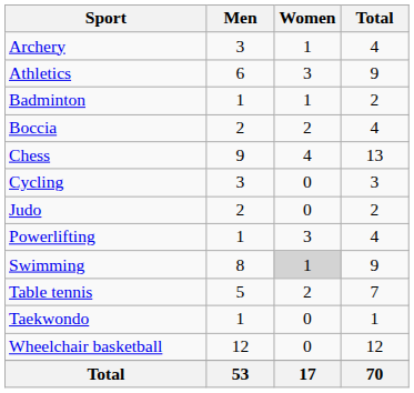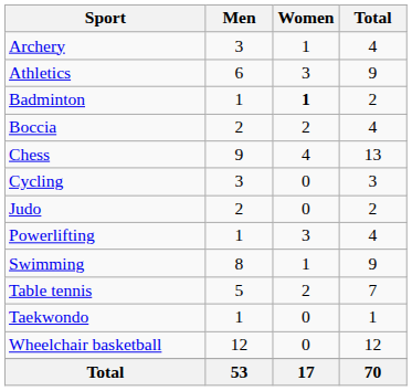 <table class="wikitable sortable" style="text-align:center;">
 <tr>
 <th width=180>Sport</th>
 <th width=55>Men</th>
 <th width=55>Women</th>
 <th width=55>Total</th>
 </tr>
 <tr>
 <td align=left><a href='#'>Archery</a></td>
 <td>3</td>
 <td>1</td>
 <td>4</td>
 </tr>
 <tr>
 <td align=left><a href='#'>Athletics</a></td>
 <td>6</td>
 <td>3</td>
 <td>9</td>
 </tr>
 <tr>
 <td align=left><a href='#'>Badminton</a></td>
 <td>1</td>
-<td>1</td>
+<td><strong>1</strong></td>
 <td>2</td>
 </tr>
 <tr>
 <td align=left><a href='#'>Boccia</a></td>
 <td>2</td>
 <td>2</td>
 <td>4</td>
 </tr>
 <tr>
 <td align=left><a href='#'>Chess</a></td>
 <td>9</td>
 <td>4</td>
 <td>13</td>
 </tr>
 <tr>
 <td align=left><a href='#'>Cycling</a></td>
 <td>3</td>
 <td>0</td>
 <td>3</td>
 </tr>
 <tr>
 <td align=left><a href='#'>Judo</a></td>
 <td>2</td>
 <td>0</td>
 <td>2</td>
 </tr>
 <tr>
 <td align=left><a href='#'>Powerlifting</a></td>
 <td>1</td>
 <td>3</td>
 <td>4</td>
 </tr>
 <tr>
 <td align=left><a href='#'>Swimming</a></td>
 <td>8</td>
-<td style="background: lightgrey;">1</td>
+<td>1</td>
 <td>9</td>
 </tr>
 <tr>
 <td align=left><a href='#'>Table tennis</a></td>
 <td>5</td>
 <td>2</td>
 <td>7</td>
 </tr>
 <tr>
 <td align=left><a href='#'>Taekwondo</a></td>
 <td>1</td>
 <td>0</td>
 <td>1</td>
 </tr>
 <tr>
 <td align=left><a href='#'>Wheelchair basketball</a></td>
 <td>12</td>
 <td>0</td>
 <td>12</td>
 </tr>
 <tr>
 </tr>
 <tr class="sortbottom">
 <th>Total</th>
 <th>53</th>
 <th>17</th>
 <th>70</th>
 </tr>
 </table>
